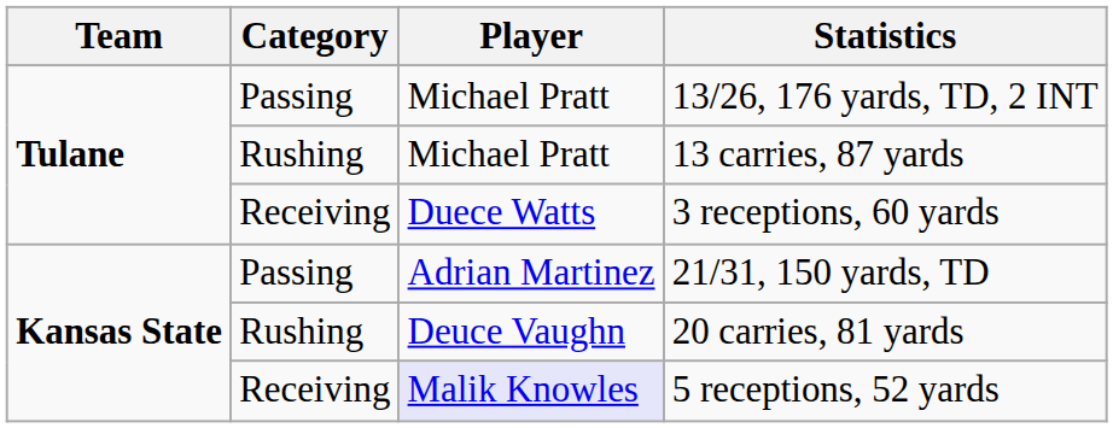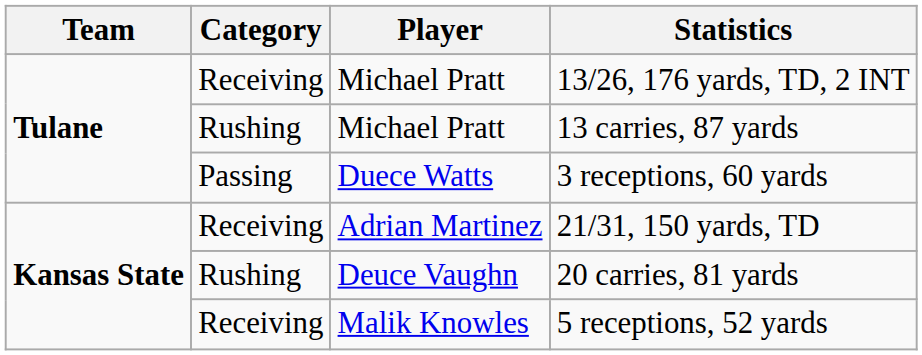 <table class="wikitable" style="float: right;">
 <tr>
 <th>Team</th>
 <th>Category</th>
 <th>Player</th>
 <th>Statistics</th>
 </tr>
 <tr>
 <td rowspan=3><strong>Tulane</strong></td>
-<td>Passing</td>
+<td>Receiving</td>
 <td>Michael Pratt</td>
 <td>13/26, 176 yards, TD, 2 INT</td>
 </tr>
 <tr>
 <td>Rushing</td>
 <td>Michael Pratt</td>
 <td>13 carries, 87 yards</td>
 </tr>
 <tr>
-<td>Receiving</td>
+<td>Passing</td>
 <td><a href='#'>Duece Watts</a></td>
 <td>3 receptions, 60 yards</td>
 </tr>
 <tr>
 <td rowspan=3><strong>Kansas State</strong></td>
-<td>Passing</td>
+<td>Receiving</td>
 <td><a href='#'>Adrian Martinez</a></td>
 <td>21/31, 150 yards, TD</td>
 </tr>
 <tr>
 <td>Rushing</td>
 <td><a href='#'>Deuce Vaughn</a></td>
 <td>20 carries, 81 yards</td>
 </tr>
 <tr>
 <td>Receiving</td>
-<td style="background: lavender;"><a href='#'>Malik Knowles</a></td>
+<td><a href='#'>Malik Knowles</a></td>
 <td>5 receptions, 52 yards</td>
 </tr>
 </table>
